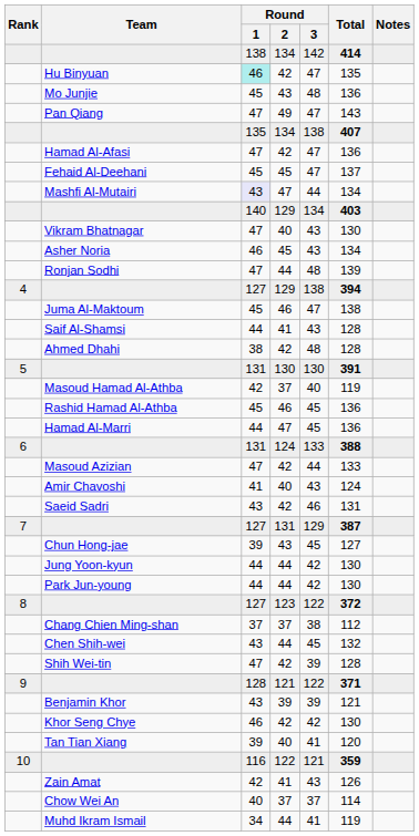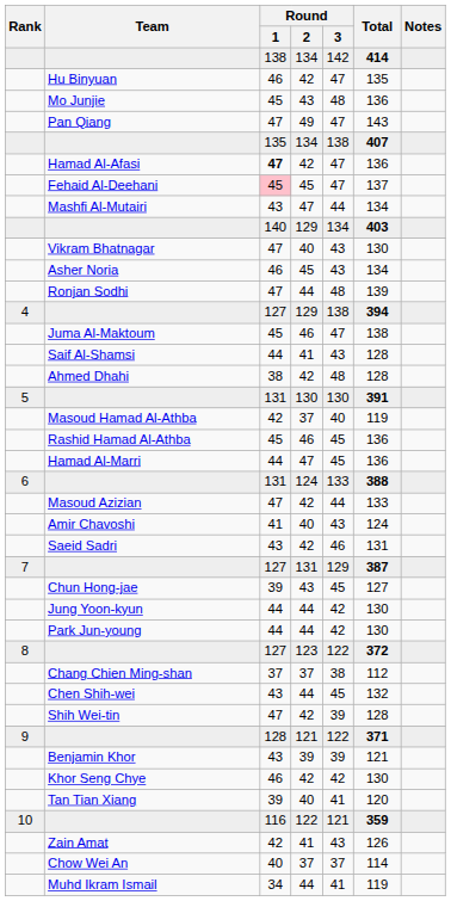 <table class="wikitable" style="text-align:center">
 <tr>
 <th rowspan=2 width=40>Rank</th>
 <th rowspan=2 width=250>Team</th>
 <th colspan=3>Round</th>
 <th rowspan=2 width=50>Total</th>
 <th rowspan=2 width=45>Notes</th>
 </tr>
 <tr>
 <th width=30>1</th>
 <th width=30>2</th>
 <th width=30>3</th>
 </tr>
 <tr bgcolor=eeeeee>
 <td></td>
 <td align=left></td>
 <td>138</td>
 <td>134</td>
 <td>142</td>
 <td><strong>414</strong></td>
 <td></td>
 </tr>
 <tr>
 <td></td>
 <td align=left><a href='#'>Hu Binyuan</a></td>
-<td style="background: paleturquoise;">46</td>
+<td>46</td>
 <td>42</td>
 <td>47</td>
 <td>135</td>
 <td></td>
 </tr>
 <tr>
 <td></td>
 <td align=left><a href='#'>Mo Junjie</a></td>
 <td>45</td>
 <td>43</td>
 <td>48</td>
 <td>136</td>
 <td></td>
 </tr>
 <tr>
 <td></td>
 <td align=left><a href='#'>Pan Qiang</a></td>
 <td>47</td>
 <td>49</td>
 <td>47</td>
 <td>143</td>
 <td></td>
 </tr>
 <tr bgcolor=eeeeee>
 <td></td>
 <td align=left></td>
 <td>135</td>
 <td>134</td>
 <td>138</td>
 <td><strong>407</strong></td>
 <td></td>
 </tr>
 <tr>
 <td></td>
 <td align=left><a href='#'>Hamad Al-Afasi</a></td>
-<td>47</td>
+<td><strong>47</strong></td>
 <td>42</td>
 <td>47</td>
 <td>136</td>
 <td></td>
 </tr>
 <tr>
 <td></td>
 <td align=left><a href='#'>Fehaid Al-Deehani</a></td>
-<td>45</td>
+<td style="background: pink;">45</td>
 <td>45</td>
 <td>47</td>
 <td>137</td>
 <td></td>
 </tr>
 <tr>
 <td></td>
 <td align=left><a href='#'>Mashfi Al-Mutairi</a></td>
-<td style="background: lavender;">43</td>
+<td>43</td>
 <td>47</td>
 <td>44</td>
 <td>134</td>
 <td></td>
 </tr>
 <tr bgcolor=eeeeee>
 <td></td>
 <td align=left></td>
 <td>140</td>
 <td>129</td>
 <td>134</td>
 <td><strong>403</strong></td>
 <td></td>
 </tr>
 <tr>
 <td></td>
 <td align=left><a href='#'>Vikram Bhatnagar</a></td>
 <td>47</td>
 <td>40</td>
 <td>43</td>
 <td>130</td>
 <td></td>
 </tr>
 <tr>
 <td></td>
 <td align=left><a href='#'>Asher Noria</a></td>
 <td>46</td>
 <td>45</td>
 <td>43</td>
 <td>134</td>
 <td></td>
 </tr>
 <tr>
 <td></td>
 <td align=left><a href='#'>Ronjan Sodhi</a></td>
 <td>47</td>
 <td>44</td>
 <td>48</td>
 <td>139</td>
 <td></td>
 </tr>
 <tr bgcolor=eeeeee>
 <td>4</td>
 <td align=left></td>
 <td>127</td>
 <td>129</td>
 <td>138</td>
 <td><strong>394</strong></td>
 <td></td>
 </tr>
 <tr>
 <td></td>
 <td align=left><a href='#'>Juma Al-Maktoum</a></td>
 <td>45</td>
 <td>46</td>
 <td>47</td>
 <td>138</td>
 <td></td>
 </tr>
 <tr>
 <td></td>
 <td align=left><a href='#'>Saif Al-Shamsi</a></td>
 <td>44</td>
 <td>41</td>
 <td>43</td>
 <td>128</td>
 <td></td>
 </tr>
 <tr>
 <td></td>
 <td align=left><a href='#'>Ahmed Dhahi</a></td>
 <td>38</td>
 <td>42</td>
 <td>48</td>
 <td>128</td>
 <td></td>
 </tr>
 <tr bgcolor=eeeeee>
 <td>5</td>
 <td align=left></td>
 <td>131</td>
 <td>130</td>
 <td>130</td>
 <td><strong>391</strong></td>
 <td></td>
 </tr>
 <tr>
 <td></td>
 <td align=left><a href='#'>Masoud Hamad Al-Athba</a></td>
 <td>42</td>
 <td>37</td>
 <td>40</td>
 <td>119</td>
 <td></td>
 </tr>
 <tr>
 <td></td>
 <td align=left><a href='#'>Rashid Hamad Al-Athba</a></td>
 <td>45</td>
 <td>46</td>
 <td>45</td>
 <td>136</td>
 <td></td>
 </tr>
 <tr>
 <td></td>
 <td align=left><a href='#'>Hamad Al-Marri</a></td>
 <td>44</td>
 <td>47</td>
 <td>45</td>
 <td>136</td>
 <td></td>
 </tr>
 <tr bgcolor=eeeeee>
 <td>6</td>
 <td align=left></td>
 <td>131</td>
 <td>124</td>
 <td>133</td>
 <td><strong>388</strong></td>
 <td></td>
 </tr>
 <tr>
 <td></td>
 <td align=left><a href='#'>Masoud Azizian</a></td>
 <td>47</td>
 <td>42</td>
 <td>44</td>
 <td>133</td>
 <td></td>
 </tr>
 <tr>
 <td></td>
 <td align=left><a href='#'>Amir Chavoshi</a></td>
 <td>41</td>
 <td>40</td>
 <td>43</td>
 <td>124</td>
 <td></td>
 </tr>
 <tr>
 <td></td>
 <td align=left><a href='#'>Saeid Sadri</a></td>
 <td>43</td>
 <td>42</td>
 <td>46</td>
 <td>131</td>
 <td></td>
 </tr>
 <tr bgcolor=eeeeee>
 <td>7</td>
 <td align=left></td>
 <td>127</td>
 <td>131</td>
 <td>129</td>
 <td><strong>387</strong></td>
 <td></td>
 </tr>
 <tr>
 <td></td>
 <td align=left><a href='#'>Chun Hong-jae</a></td>
 <td>39</td>
 <td>43</td>
 <td>45</td>
 <td>127</td>
 <td></td>
 </tr>
 <tr>
 <td></td>
 <td align=left><a href='#'>Jung Yoon-kyun</a></td>
 <td>44</td>
 <td>44</td>
 <td>42</td>
 <td>130</td>
 <td></td>
 </tr>
 <tr>
 <td></td>
 <td align=left><a href='#'>Park Jun-young</a></td>
 <td>44</td>
 <td>44</td>
 <td>42</td>
 <td>130</td>
 <td></td>
 </tr>
 <tr bgcolor=eeeeee>
 <td>8</td>
 <td align=left></td>
 <td>127</td>
 <td>123</td>
 <td>122</td>
 <td><strong>372</strong></td>
 <td></td>
 </tr>
 <tr>
 <td></td>
 <td align=left><a href='#'>Chang Chien Ming-shan</a></td>
 <td>37</td>
 <td>37</td>
 <td>38</td>
 <td>112</td>
 <td></td>
 </tr>
 <tr>
 <td></td>
 <td align=left><a href='#'>Chen Shih-wei</a></td>
 <td>43</td>
 <td>44</td>
 <td>45</td>
 <td>132</td>
 <td></td>
 </tr>
 <tr>
 <td></td>
 <td align=left><a href='#'>Shih Wei-tin</a></td>
 <td>47</td>
 <td>42</td>
 <td>39</td>
 <td>128</td>
 <td></td>
 </tr>
 <tr bgcolor=eeeeee>
 <td>9</td>
 <td align=left></td>
 <td>128</td>
 <td>121</td>
 <td>122</td>
 <td><strong>371</strong></td>
 <td></td>
 </tr>
 <tr>
 <td></td>
 <td align=left><a href='#'>Benjamin Khor</a></td>
 <td>43</td>
 <td>39</td>
 <td>39</td>
 <td>121</td>
 <td></td>
 </tr>
 <tr>
 <td></td>
 <td align=left><a href='#'>Khor Seng Chye</a></td>
 <td>46</td>
 <td>42</td>
 <td>42</td>
 <td>130</td>
 <td></td>
 </tr>
 <tr>
 <td></td>
 <td align=left><a href='#'>Tan Tian Xiang</a></td>
 <td>39</td>
 <td>40</td>
 <td>41</td>
 <td>120</td>
 <td></td>
 </tr>
 <tr bgcolor=eeeeee>
 <td>10</td>
 <td align=left></td>
 <td>116</td>
 <td>122</td>
 <td>121</td>
 <td><strong>359</strong></td>
 <td></td>
 </tr>
 <tr>
 <td></td>
 <td align=left><a href='#'>Zain Amat</a></td>
 <td>42</td>
 <td>41</td>
 <td>43</td>
 <td>126</td>
 <td></td>
 </tr>
 <tr>
 <td></td>
 <td align=left><a href='#'>Chow Wei An</a></td>
 <td>40</td>
 <td>37</td>
 <td>37</td>
 <td>114</td>
 <td></td>
 </tr>
 <tr>
 <td></td>
 <td align=left><a href='#'>Muhd Ikram Ismail</a></td>
 <td>34</td>
 <td>44</td>
 <td>41</td>
 <td>119</td>
 <td></td>
 </tr>
 </table>
